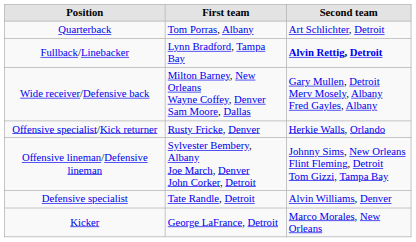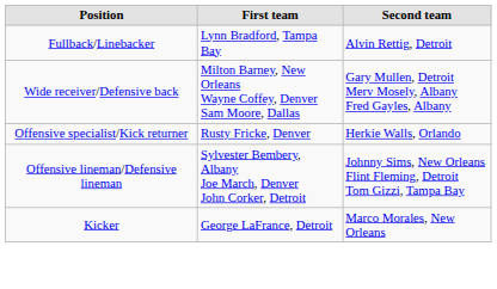 <table class="wikitable">
 <tr>
 <th style="background:#e3e3e3;">Position</th>
 <th style="background:#e3e3e3;">First team</th>
 <th style="background:#e3e3e3;">Second team</th>
 </tr>
 <tr>
-<td align=center><a href='#'>Quarterback</a></td>
-<td><a href='#'>Tom Porras</a>, <a href='#'>Albany</a></td>
-<td><a href='#'>Art Schlichter</a>, <a href='#'>Detroit</a></td>
-</tr>
-<tr>
 <td align=center><a href='#'>Fullback</a>/<a href='#'>Linebacker</a></td>
 <td><a href='#'>Lynn Bradford</a>, <a href='#'>Tampa Bay</a></td>
-<td><strong><a href='#'>Alvin Rettig</a>, <a href='#'>Detroit</a></strong></td>
+<td><a href='#'>Alvin Rettig</a>, <a href='#'>Detroit</a></td>
 </tr>
 <tr>
 <td align=center><a href='#'>Wide receiver</a>/<a href='#'>Defensive back</a></td>
 <td><a href='#'>Milton Barney</a>, <a href='#'>New Orleans</a><br><a href='#'>Wayne Coffey</a>, <a href='#'>Denver</a><br><a href='#'>Sam Moore</a>, <a href='#'>Dallas</a></td>
 <td><a href='#'>Gary Mullen</a>, <a href='#'>Detroit</a><br><a href='#'>Merv Mosely</a>, <a href='#'>Albany</a><br><a href='#'>Fred Gayles</a>, <a href='#'>Albany</a></td>
 </tr>
 <tr>
 <td align=center><a href='#'>Offensive specialist</a>/<a href='#'>Kick returner</a></td>
 <td><a href='#'>Rusty Fricke</a>, <a href='#'>Denver</a></td>
 <td><a href='#'>Herkie Walls</a>, <a href='#'>Orlando</a></td>
 </tr>
 <tr>
 <td align=center><a href='#'>Offensive lineman</a>/<a href='#'>Defensive lineman</a></td>
 <td><a href='#'>Sylvester Bembery</a>, <a href='#'>Albany</a><br><a href='#'>Joe March</a>, <a href='#'>Denver</a><br><a href='#'>John Corker</a>, <a href='#'>Detroit</a></td>
 <td><a href='#'>Johnny Sims</a>, <a href='#'>New Orleans</a><br><a href='#'>Flint Fleming</a>, <a href='#'>Detroit</a><br><a href='#'>Tom Gizzi</a>, <a href='#'>Tampa Bay</a></td>
 </tr>
 <tr>
-<td align=center><a href='#'>Defensive specialist</a></td>
-<td><a href='#'>Tate Randle</a>, <a href='#'>Detroit</a></td>
-<td><a href='#'>Alvin Williams</a>, <a href='#'>Denver</a></td>
-</tr>
-<tr>
 <td align=center><a href='#'>Kicker</a></td>
 <td><a href='#'>George LaFrance</a>, <a href='#'>Detroit</a></td>
 <td><a href='#'>Marco Morales</a>, <a href='#'>New Orleans</a></td>
 </tr>
 </table>
